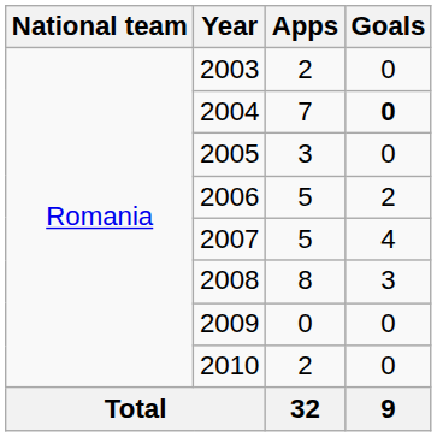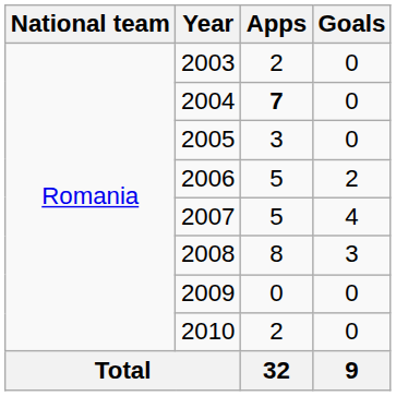 <table class="wikitable" style="text-align:center">
 <tr>
 <th>National team</th>
 <th>Year</th>
 <th>Apps</th>
 <th>Goals</th>
 </tr>
 <tr>
 <td rowspan="8"><a href='#'>Romania</a></td>
 <td>2003</td>
 <td>2</td>
 <td>0</td>
 </tr>
 <tr>
 <td>2004</td>
-<td>7</td>
-<td><strong>0</strong></td>
+<td><strong>7</strong></td>
+<td>0</td>
 </tr>
 <tr>
 <td>2005</td>
 <td>3</td>
 <td>0</td>
 </tr>
 <tr>
 <td>2006</td>
 <td>5</td>
 <td>2</td>
 </tr>
 <tr>
 <td>2007</td>
 <td>5</td>
 <td>4</td>
 </tr>
 <tr>
 <td>2008</td>
 <td>8</td>
 <td>3</td>
 </tr>
 <tr>
 <td>2009</td>
 <td>0</td>
 <td>0</td>
 </tr>
 <tr>
 <td>2010</td>
 <td>2</td>
 <td>0</td>
 </tr>
 <tr>
 <th colspan="2">Total</th>
 <th>32</th>
 <th>9</th>
 </tr>
 </table>
